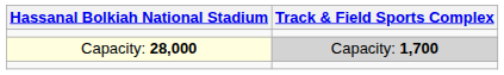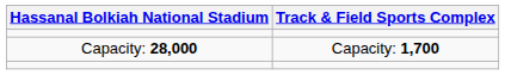 <table class="wikitable" style="text-align:center;margin:1em auto;">
 <tr>
 <th><a href='#'>Hassanal Bolkiah National Stadium</a></th>
 <th><a href='#'>Track & Field Sports Complex</a></th>
 </tr>
 <tr>
 <td></td>
 <td></td>
 </tr>
 <tr>
-<td style="background: lightyellow;">Capacity: <strong>28,000</strong></td>
-<td style="background: lightgrey;">Capacity: <strong>1,700</strong></td>
+<td>Capacity: <strong>28,000</strong></td>
+<td>Capacity: <strong>1,700</strong></td>
 </tr>
 <tr>
 <td></td>
 <td></td>
 </tr>
 </table>
